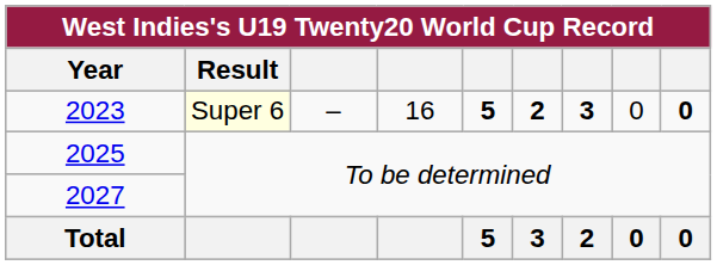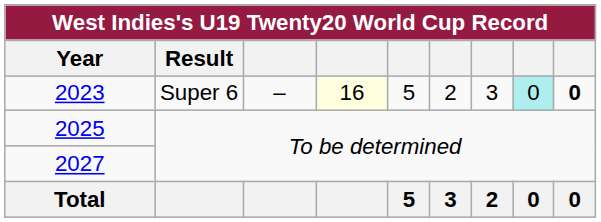 <table class="wikitable" style="font-size:90%; text-align:center">
 <tr>
 <th style="color:white; background:#951A42;" colspan=9>West Indies's U19 Twenty20 World Cup Record</th>
 </tr>
 <tr>
 <th width="90">Year</th>
 <th>Result</th>
 <th width="40"></th>
 <th width="40"></th>
 <th width="20"></th>
 <th width="20"></th>
 <th width="20"></th>
 <th width="20"></th>
 <th width="20"></th>
 </tr>
 <tr>
 <td> <a href='#'>2023</a></td>
-<td style="background: lightyellow;">Super 6</td>
+<td>Super 6</td>
 <td>–</td>
-<td>16</td>
-<td><strong>5</strong></td>
-<td><strong>2</strong></td>
-<td><strong>3</strong></td>
-<td>0</td>
+<td style="background: lightyellow;">16</td>
+<td>5</td>
+<td>2</td>
+<td>3</td>
+<td style="background: paleturquoise;">0</td>
 <td><strong>0</strong></td>
 </tr>
 <tr>
 <td> <a href='#'>2025</a></td>
 <td colspan="8" rowspan="2"><em>To be determined</em></td>
 </tr>
 <tr>
 <td> <a href='#'>2027</a></td>
 </tr>
 <tr>
 <th>Total</th>
 <th></th>
 <th></th>
 <th></th>
 <th>5</th>
 <th>3</th>
 <th>2</th>
 <th>0</th>
 <th>0</th>
 </tr>
 </table>
